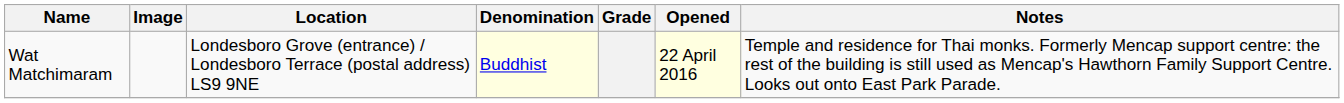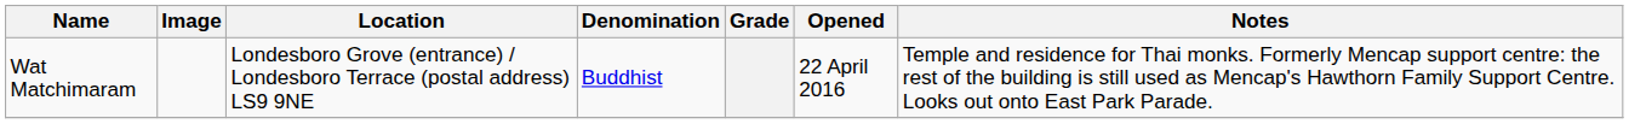 <table class="wikitable sortable">
 <tr>
 <th>Name</th>
 <th class="unsortable">Image</th>
 <th>Location</th>
 <th>Denomination</th>
 <th>Grade</th>
 <th>Opened</th>
 <th class="unsortable">Notes</th>
 </tr>
 <tr>
 <td>Wat Matchimaram</td>
 <td></td>
 <td>Londesboro Grove (entrance) / Londesboro Terrace (postal address) LS9 9NE</td>
-<td style="background: lightyellow;"><a href='#'>Buddhist</a></td>
+<td><a href='#'>Buddhist</a></td>
 <th></th>
-<td style="background: lightyellow;">22 April 2016 </td>
+<td>22 April 2016 </td>
 <td>Temple and residence for Thai monks. Formerly Mencap support centre: the rest of the building is still used as Mencap's Hawthorn Family Support Centre. Looks out onto East Park Parade.</td>
 </tr>
 <tr>
 </tr>
 </table>
